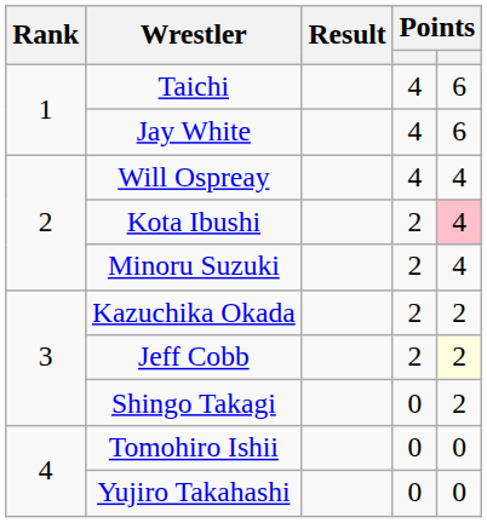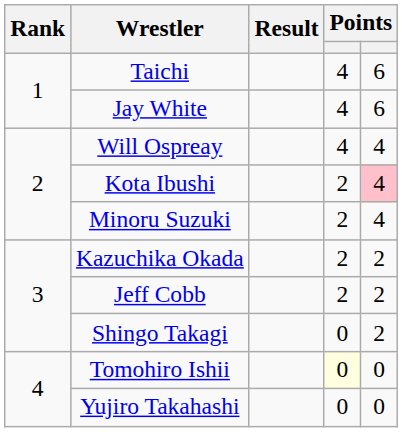 <table class="wikitable mw-collapsible mw-collapsed" plainrowheaders sortable" style="text-align: center">
 <tr>
 <th scope="col" rowspan="2">Rank</th>
 <th scope="col" rowspan="2">Wrestler</th>
 <th scope="col" rowspan="2">Result</th>
 <th scope="col" colspan="2">Points</th>
 </tr>
 <tr>
 <th></th>
 <th></th>
 </tr>
 <tr>
 <td rowspan="2">1</td>
 <td><a href='#'>Taichi</a></td>
 <td></td>
 <td>4</td>
 <td>6</td>
 </tr>
 <tr>
 <td><a href='#'>Jay White</a></td>
 <td></td>
 <td>4</td>
 <td>6</td>
 </tr>
 <tr>
 <td rowspan="3">2</td>
 <td><a href='#'>Will Ospreay</a></td>
 <td></td>
 <td>4</td>
 <td>4</td>
 </tr>
 <tr>
 <td><a href='#'>Kota Ibushi</a></td>
 <td></td>
 <td>2</td>
 <td style="background: pink;">4</td>
 </tr>
 <tr>
 <td><a href='#'>Minoru Suzuki</a></td>
 <td></td>
 <td>2</td>
 <td>4</td>
 </tr>
 <tr>
 <td rowspan="3">3</td>
 <td><a href='#'>Kazuchika Okada</a></td>
 <td></td>
 <td>2</td>
 <td>2</td>
 </tr>
 <tr>
 <td><a href='#'>Jeff Cobb</a></td>
 <td></td>
 <td>2</td>
-<td style="background: lightyellow;">2</td>
+<td>2</td>
 </tr>
 <tr>
 <td><a href='#'>Shingo Takagi</a></td>
 <td></td>
 <td>0</td>
 <td>2</td>
 </tr>
 <tr>
 <td rowspan="2">4</td>
 <td><a href='#'>Tomohiro Ishii</a></td>
 <td></td>
-<td>0</td>
+<td style="background: lightyellow;">0</td>
 <td>0</td>
 </tr>
 <tr>
 <td><a href='#'>Yujiro Takahashi</a></td>
 <td></td>
 <td>0</td>
 <td>0</td>
 </tr>
 </table>
